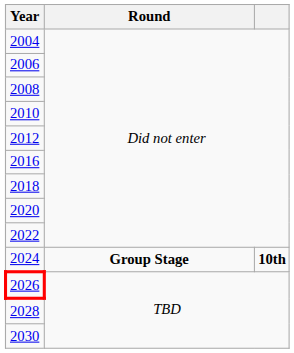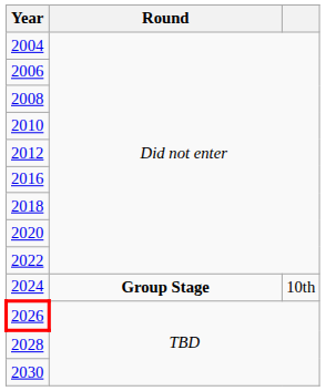 <table class="wikitable" style="text-align: center; font-size:90%">
 <tr>
 <th>Year</th>
 <th style="width:200px">Round</th>
 <th></th>
 </tr>
 <tr>
 <td><a href='#'>2004</a></td>
 <td colspan="2" rowspan="9"><em>Did not enter</em></td>
 </tr>
 <tr>
 <td><a href='#'>2006</a></td>
 </tr>
 <tr>
 <td><a href='#'>2008</a></td>
 </tr>
 <tr>
 <td><a href='#'>2010</a></td>
 </tr>
 <tr>
 <td><a href='#'>2012</a></td>
 </tr>
 <tr>
 <td><a href='#'>2016</a></td>
 </tr>
 <tr>
 <td><a href='#'>2018</a></td>
 </tr>
 <tr>
 <td><a href='#'>2020</a></td>
 </tr>
 <tr>
 <td><a href='#'>2022</a></td>
 </tr>
 <tr>
 <td><a href='#'>2024</a></td>
 <td><strong>Group Stage</strong></td>
-<td><strong>10th</strong></td>
+<td>10th</td>
 </tr>
 <tr>
 <td style="border: 3px solid red"><a href='#'>2026</a></td>
 <td colspan="2" rowspan="3"><em>TBD</em></td>
 </tr>
 <tr>
 <td><a href='#'>2028</a></td>
 </tr>
 <tr>
 <td><a href='#'>2030</a></td>
 </tr>
 </table>
